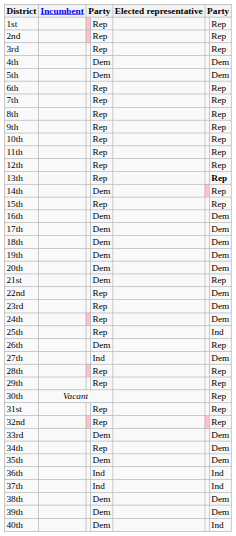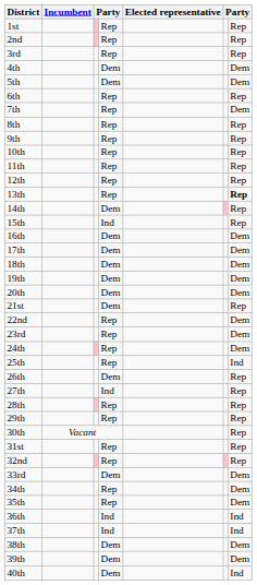 <table class="wikitable sortable" style="font-size:95%;line-height:14px;">
 <tr>
 <th>District</th>
 <th><a href='#'>Incumbent</a></th>
 <th colspan=2>Party</th>
 <th>Elected representative</th>
 <th colspan=2>Party</th>
 </tr>
 <tr>
 <td>1st</td>
 <td></td>
 <td bgcolor=pink></td>
 <td>Rep</td>
 <td></td>
 <td style="background:"></td>
 <td>Rep</td>
 </tr>
 <tr>
 <td>2nd</td>
 <td></td>
 <td bgcolor=pink></td>
 <td>Rep</td>
 <td></td>
 <td style="background:"></td>
 <td>Rep</td>
 </tr>
 <tr>
 <td>3rd</td>
 <td></td>
 <td style="background:"></td>
 <td>Rep</td>
 <td></td>
 <td style="background:"></td>
 <td>Rep</td>
 </tr>
 <tr>
 <td>4th</td>
 <td></td>
 <td style="background:"></td>
 <td>Dem</td>
 <td></td>
 <td style="background:"></td>
 <td>Dem</td>
 </tr>
 <tr>
 <td>5th</td>
 <td></td>
 <td style="background:"></td>
 <td>Dem</td>
 <td></td>
 <td style="background:"></td>
 <td>Dem</td>
 </tr>
 <tr>
 <td>6th</td>
 <td></td>
 <td style="background:"></td>
 <td>Rep</td>
 <td></td>
 <td style="background:"></td>
 <td>Rep</td>
 </tr>
 <tr>
 <td>7th</td>
 <td></td>
 <td style="background:"></td>
 <td>Rep</td>
 <td></td>
 <td style="background:"></td>
-<td>Rep</td>
+<td>Dem</td>
 </tr>
 <tr>
 <td>8th</td>
 <td></td>
 <td style="background:"></td>
 <td>Rep</td>
 <td></td>
 <td style="background:"></td>
 <td>Rep</td>
 </tr>
 <tr>
 <td>9th</td>
 <td></td>
 <td style="background:"></td>
 <td>Rep</td>
 <td></td>
 <td style="background:"></td>
 <td>Rep</td>
 </tr>
 <tr>
 <td>10th</td>
 <td></td>
 <td style="background:"></td>
 <td>Rep</td>
 <td></td>
 <td style="background:"></td>
 <td>Rep</td>
 </tr>
 <tr>
 <td>11th</td>
 <td></td>
 <td style="background:"></td>
 <td>Rep</td>
 <td></td>
 <td style="background:"></td>
 <td>Rep</td>
 </tr>
 <tr>
 <td>12th</td>
 <td></td>
 <td style="background:"></td>
 <td>Rep</td>
 <td></td>
 <td style="background:"></td>
 <td>Rep</td>
 </tr>
 <tr>
 <td>13th</td>
 <td></td>
 <td style="background:"></td>
 <td>Rep</td>
 <td></td>
 <td style="background:"></td>
 <td><strong>Rep</strong></td>
 </tr>
 <tr>
 <td>14th</td>
 <td></td>
 <td style="background:"></td>
 <td>Dem</td>
 <td></td>
 <td bgcolor=pink></td>
 <td>Rep</td>
 </tr>
 <tr>
 <td>15th</td>
 <td></td>
 <td style="background:"></td>
-<td>Rep</td>
+<td>Ind</td>
 <td></td>
 <td style="background:"></td>
 <td>Rep</td>
 </tr>
 <tr>
 <td>16th</td>
 <td></td>
 <td style="background:"></td>
 <td>Dem</td>
 <td></td>
 <td style="background:"></td>
 <td>Dem</td>
 </tr>
 <tr>
 <td>17th</td>
 <td></td>
 <td style="background:"></td>
 <td>Dem</td>
 <td></td>
 <td style="background:"></td>
 <td>Dem</td>
 </tr>
 <tr>
 <td>18th</td>
 <td></td>
 <td style="background:"></td>
 <td>Dem</td>
 <td></td>
 <td style="background:"></td>
 <td>Dem</td>
 </tr>
 <tr>
 <td>19th</td>
 <td></td>
 <td style="background:"></td>
 <td>Dem</td>
 <td></td>
 <td style="background:"></td>
 <td>Dem</td>
 </tr>
 <tr>
 <td>20th</td>
 <td></td>
 <td style="background:"></td>
 <td>Dem</td>
 <td></td>
 <td style="background:"></td>
 <td>Dem</td>
 </tr>
 <tr>
 <td>21st</td>
 <td></td>
 <td style="background:"></td>
 <td>Dem</td>
 <td></td>
 <td style="background:"></td>
 <td>Rep</td>
 </tr>
 <tr>
 <td>22nd</td>
 <td></td>
 <td style="background:"></td>
 <td>Rep</td>
 <td></td>
 <td style="background:"></td>
 <td>Dem</td>
 </tr>
 <tr>
 <td>23rd</td>
 <td></td>
 <td style="background:"></td>
 <td>Rep</td>
 <td></td>
 <td style="background:"></td>
 <td>Dem</td>
 </tr>
 <tr>
 <td>24th</td>
 <td></td>
 <td bgcolor=pink></td>
 <td>Rep</td>
 <td></td>
 <td style="background:"></td>
 <td>Dem</td>
 </tr>
 <tr>
 <td>25th</td>
 <td></td>
 <td style="background:"></td>
 <td>Rep</td>
 <td></td>
 <td style="background:"></td>
 <td>Ind</td>
 </tr>
 <tr>
 <td>26th</td>
 <td></td>
 <td style="background:"></td>
 <td>Dem</td>
 <td></td>
 <td style="background:"></td>
 <td>Rep</td>
 </tr>
 <tr>
 <td>27th</td>
 <td></td>
 <td style="background:"></td>
 <td>Ind</td>
 <td></td>
 <td style="background:"></td>
-<td>Dem</td>
+<td>Rep</td>
 </tr>
 <tr>
 <td>28th</td>
 <td></td>
 <td bgcolor=pink></td>
 <td>Rep</td>
 <td></td>
 <td style="background:"></td>
 <td>Rep</td>
 </tr>
 <tr>
 <td>29th</td>
 <td></td>
 <td style="background:"></td>
 <td>Rep</td>
 <td></td>
 <td style="background:"></td>
 <td>Rep</td>
 </tr>
 <tr>
 <td>30th</td>
 <td colspan=3 align=center><em>Vacant</em></td>
 <td></td>
 <td style="background:"></td>
 <td>Rep</td>
 </tr>
 <tr>
 <td>31st</td>
 <td></td>
 <td style="background:"></td>
 <td>Rep</td>
 <td></td>
 <td style="background:"></td>
 <td>Rep</td>
 </tr>
 <tr>
 <td>32nd</td>
 <td></td>
 <td bgcolor=pink></td>
 <td>Rep</td>
 <td></td>
 <td bgcolor=pink></td>
 <td>Rep</td>
 </tr>
 <tr>
 <td>33rd</td>
 <td></td>
 <td style="background:"></td>
 <td>Dem</td>
 <td></td>
 <td style="background:"></td>
 <td>Dem</td>
 </tr>
 <tr>
 <td>34th</td>
 <td></td>
 <td style="background:"></td>
 <td>Rep</td>
 <td></td>
 <td style="background:"></td>
 <td>Dem</td>
 </tr>
 <tr>
 <td>35th</td>
 <td></td>
 <td style="background:"></td>
-<td>Dem</td>
+<td>Rep</td>
 <td></td>
 <td style="background:"></td>
 <td>Dem</td>
 </tr>
 <tr>
 <td>36th</td>
 <td></td>
 <td style="background:"></td>
 <td>Ind</td>
 <td></td>
 <td style="background:"></td>
 <td>Ind</td>
 </tr>
 <tr>
 <td>37th</td>
 <td></td>
 <td style="background:"></td>
 <td>Ind</td>
 <td></td>
 <td style="background:"></td>
 <td>Ind</td>
 </tr>
 <tr>
 <td>38th</td>
 <td></td>
 <td style="background:"></td>
 <td>Dem</td>
 <td></td>
 <td style="background:"></td>
 <td>Dem</td>
 </tr>
 <tr>
 <td>39th</td>
 <td></td>
 <td style="background:"></td>
 <td>Dem</td>
 <td></td>
 <td style="background:"></td>
 <td>Dem</td>
 </tr>
 <tr>
 <td>40th</td>
 <td></td>
 <td style="background:"></td>
 <td>Dem</td>
 <td></td>
 <td style="background:"></td>
 <td>Ind</td>
 </tr>
 </table>
